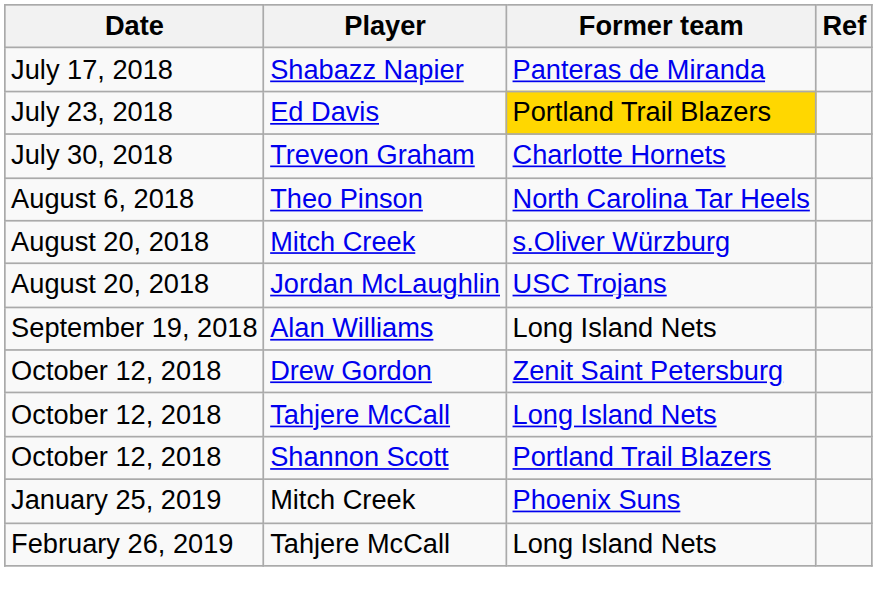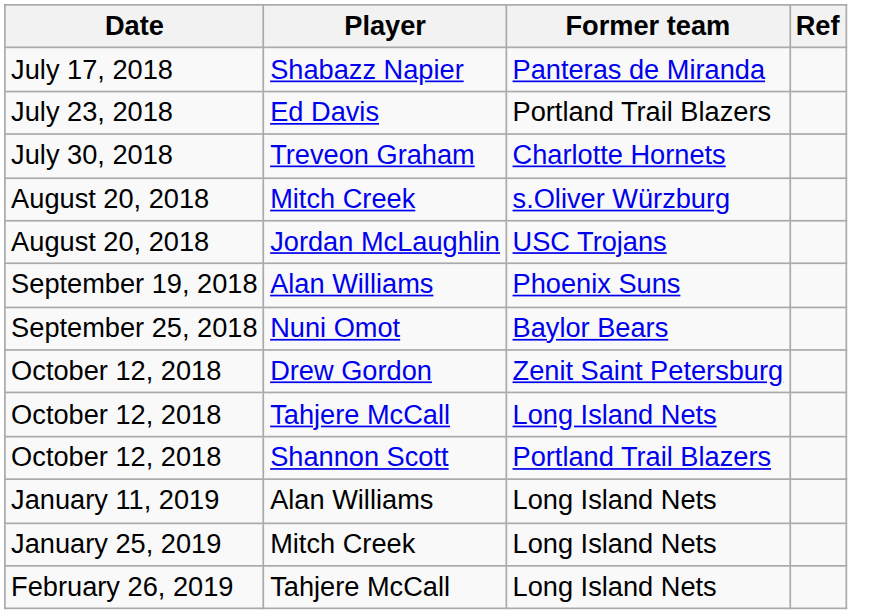 <table class="wikitable" style="text-align:left;">
 <tr>
 <th>Date</th>
 <th>Player</th>
 <th>Former team</th>
 <th>Ref</th>
 </tr>
 <tr>
 <td>July 17, 2018</td>
 <td><a href='#'>Shabazz Napier</a></td>
 <td><a href='#'>Panteras de Miranda</a></td>
 <td></td>
 </tr>
 <tr>
 <td>July 23, 2018</td>
 <td><a href='#'>Ed Davis</a></td>
-<td style="background: gold;">Portland Trail Blazers</td>
+<td>Portland Trail Blazers</td>
 <td></td>
 </tr>
 <tr>
 <td>July 30, 2018</td>
 <td><a href='#'>Treveon Graham</a></td>
 <td><a href='#'>Charlotte Hornets</a></td>
-<td></td>
-</tr>
-<tr>
-<td>August 6, 2018</td>
-<td><a href='#'>Theo Pinson</a></td>
-<td><a href='#'>North Carolina Tar Heels</a></td>
 <td></td>
 </tr>
 <tr>
 <td>August 20, 2018</td>
 <td><a href='#'>Mitch Creek</a></td>
 <td><a href='#'>s.Oliver Würzburg</a></td>
 <td></td>
 </tr>
 <tr>
 <td>August 20, 2018</td>
 <td><a href='#'>Jordan McLaughlin</a></td>
 <td><a href='#'>USC Trojans</a></td>
 <td></td>
 </tr>
 <tr>
 <td>September 19, 2018</td>
 <td><a href='#'>Alan Williams</a></td>
-<td>Long Island Nets</td>
+<td><a href='#'>Phoenix Suns</a></td>
+<td></td>
+</tr>
+<tr>
+<td>September 25, 2018</td>
+<td><a href='#'>Nuni Omot</a></td>
+<td><a href='#'>Baylor Bears</a></td>
 <td></td>
 </tr>
 <tr>
 <td>October 12, 2018</td>
 <td><a href='#'>Drew Gordon</a></td>
 <td><a href='#'>Zenit Saint Petersburg</a></td>
 <td></td>
 </tr>
 <tr>
 <td>October 12, 2018</td>
 <td><a href='#'>Tahjere McCall</a></td>
 <td><a href='#'>Long Island Nets</a></td>
 <td></td>
 </tr>
 <tr>
 <td>October 12, 2018</td>
 <td><a href='#'>Shannon Scott</a></td>
 <td><a href='#'>Portland Trail Blazers</a></td>
 <td></td>
 </tr>
 <tr>
+<td>January 11, 2019</td>
+<td>Alan Williams</td>
+<td>Long Island Nets</td>
+<td></td>
+</tr>
+<tr>
 <td>January 25, 2019</td>
 <td>Mitch Creek</td>
-<td><a href='#'>Phoenix Suns</a></td>
+<td>Long Island Nets</td>
 <td></td>
 </tr>
 <tr>
 <td>February 26, 2019</td>
 <td>Tahjere McCall</td>
 <td>Long Island Nets</td>
 <td></td>
 </tr>
 </table>
